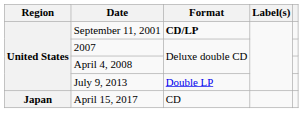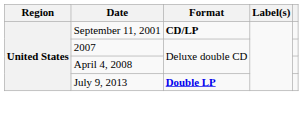 <table class="wikitable plainrowheaders">
 <tr>
 <th scope="col">Region</th>
 <th scope="col">Date</th>
 <th scope="col">Format</th>
 <th scope="col">Label(s)</th>
 <th scope="col"></th>
 </tr>
 <tr>
 <th scope="row" rowspan="4">United States</th>
 <td>September 11, 2001</td>
 <td><strong>CD/LP</strong></td>
 <td rowspan="4"></td>
 <td style="text-align:center;"></td>
 </tr>
 <tr>
 <td>2007</td>
 <td rowspan="2">Deluxe double CD</td>
 <td style="text-align:center;"></td>
 </tr>
 <tr>
 <td>April 4, 2008</td>
 <td style="text-align:center;"></td>
 </tr>
 <tr>
 <td>July 9, 2013</td>
-<td><a href='#'>Double LP</a></td>
-<td style="text-align:center;"></td>
-</tr>
-<tr>
-<th scope="row">Japan</th>
-<td>April 15, 2017</td>
-<td>CD</td>
-<td></td>
+<td><strong><a href='#'>Double LP</a></strong></td>
 <td style="text-align:center;"></td>
 </tr>
 </table>
